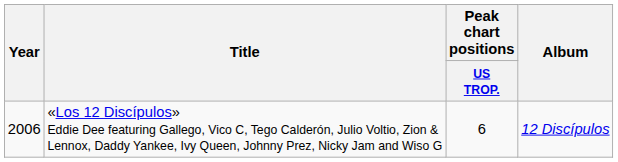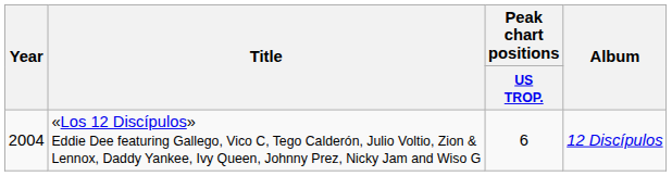 <table class="wikitable">
 <tr>
 <th align="center" rowspan="2">Year</th>
 <th align="center" rowspan="2">Title</th>
 <th colspan="1">Peak chart positions</th>
 <th align="center" rowspan="2">Album</th>
 </tr>
 <tr>
 <th width="30"><small><a href='#'>US<br>TROP.</a></small></th>
 </tr>
 <tr>
-<td align="center">2006</td>
+<td align="center">2004</td>
 <td>«<a href='#'>Los 12 Discípulos</a>»<br><small>Eddie Dee featuring Gallego, Vico C, Tego Calderón, Julio Voltio, Zion &<br> Lennox, Daddy Yankee, Ivy Queen, Johnny Prez, Nicky Jam and Wiso G</small></td>
 <td align="center">6</td>
 <td><em><a href='#'>12 Discípulos</a></em></td>
 </tr>
 </table>
